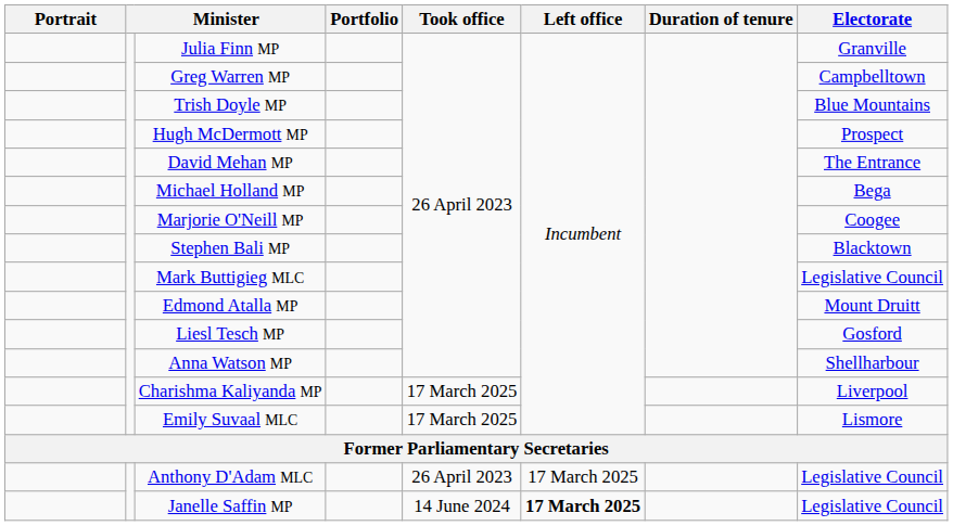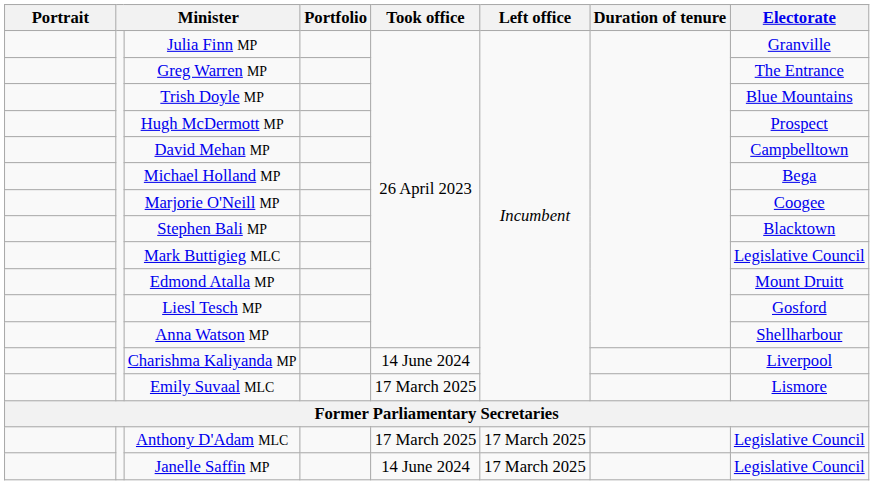 <table class="wikitable sortable" style="border:#555; text-align:center; ">
 <tr>
 <th class="unsortable" style="width:100px;">Portrait</th>
 <th colspan="2" class="unsortable" style="width:5px;">Minister</th>
 <th>Portfolio</th>
 <th>Took office</th>
 <th>Left office</th>
 <th>Duration of tenure</th>
 <th><a href='#'>Electorate</a></th>
 </tr>
 <tr>
 <td></td>
 <td rowspan="14" style="background-color: "></td>
 <td><a href='#'>Julia Finn</a> <small>MP</small></td>
 <td></td>
 <td rowspan=12>26 April 2023</td>
 <td rowspan=14><em>Incumbent</em></td>
 <td rowspan=12></td>
 <td><a href='#'>Granville</a></td>
 </tr>
 <tr>
 <td></td>
 <td><a href='#'>Greg Warren</a> <small>MP</small></td>
 <td></td>
-<td><a href='#'>Campbelltown</a></td>
+<td><a href='#'>The Entrance</a></td>
 </tr>
 <tr>
 <td></td>
 <td><a href='#'>Trish Doyle</a> <small>MP</small></td>
 <td></td>
 <td><a href='#'>Blue Mountains</a></td>
 </tr>
 <tr>
 <td></td>
 <td><a href='#'>Hugh McDermott</a> <small>MP</small></td>
 <td></td>
 <td><a href='#'>Prospect</a></td>
 </tr>
 <tr>
 <td></td>
 <td><a href='#'>David Mehan</a> <small>MP</small></td>
 <td></td>
-<td><a href='#'>The Entrance</a></td>
+<td><a href='#'>Campbelltown</a></td>
 </tr>
 <tr>
 <td></td>
 <td><a href='#'>Michael Holland</a> <small>MP</small></td>
 <td></td>
 <td><a href='#'>Bega</a></td>
 </tr>
 <tr>
 <td></td>
 <td><a href='#'>Marjorie O'Neill</a> <small>MP</small></td>
 <td></td>
 <td><a href='#'>Coogee</a></td>
 </tr>
 <tr>
 <td></td>
 <td><a href='#'>Stephen Bali</a> <small>MP</small></td>
 <td></td>
 <td><a href='#'>Blacktown</a></td>
 </tr>
 <tr>
 <td></td>
 <td><a href='#'>Mark Buttigieg</a> <small>MLC</small></td>
 <td></td>
 <td><a href='#'>Legislative Council</a></td>
 </tr>
 <tr>
 <td></td>
 <td><a href='#'>Edmond Atalla</a> <small>MP</small></td>
 <td></td>
 <td><a href='#'>Mount Druitt</a></td>
 </tr>
 <tr>
 <td></td>
 <td><a href='#'>Liesl Tesch</a> <small>MP</small></td>
 <td></td>
 <td><a href='#'>Gosford</a></td>
 </tr>
 <tr>
 <td></td>
 <td><a href='#'>Anna Watson</a> <small>MP</small></td>
 <td></td>
 <td><a href='#'>Shellharbour</a></td>
 </tr>
 <tr>
 <td></td>
 <td><a href='#'>Charishma Kaliyanda</a> <small>MP</small></td>
 <td></td>
-<td>17 March 2025</td>
+<td>14 June 2024</td>
 <td></td>
 <td><a href='#'>Liverpool</a></td>
 </tr>
 <tr>
 <td></td>
 <td><a href='#'>Emily Suvaal</a> <small>MLC</small></td>
 <td></td>
 <td>17 March 2025</td>
 <td></td>
 <td><a href='#'>Lismore</a></td>
 </tr>
 <tr>
 <th colspan="8">Former Parliamentary Secretaries</th>
 </tr>
 <tr>
 <td></td>
 <td rowspan="2" style="background-color: "></td>
 <td><a href='#'>Anthony D'Adam</a> <small>MLC</small></td>
 <td></td>
-<td>26 April 2023</td>
+<td>17 March 2025</td>
 <td>17 March 2025</td>
 <td></td>
 <td><a href='#'>Legislative Council</a></td>
 </tr>
 <tr>
 <td></td>
 <td><a href='#'>Janelle Saffin</a> <small>MP</small></td>
 <td></td>
 <td>14 June 2024</td>
-<td><strong>17 March 2025</strong></td>
+<td>17 March 2025</td>
 <td></td>
 <td><a href='#'>Legislative Council</a></td>
 </tr>
 </table>
